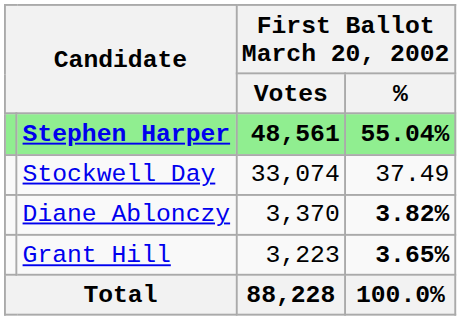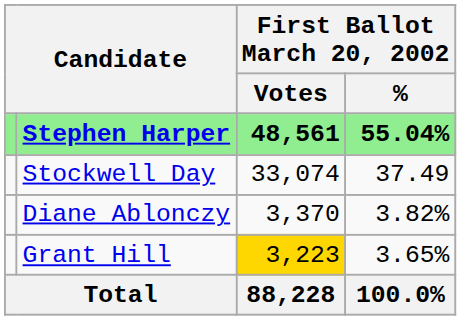 <table class="wikitable">
 <tr>
 <th rowspan="2" colspan="2">Candidate</th>
 <th colspan="2">First Ballot<br>March 20, 2002</th>
 </tr>
 <tr>
 <th>Votes</th>
 <th>%</th>
 </tr>
 <tr style="background:lightgreen;">
 <td></td>
 <td><strong><a href='#'>Stephen Harper</a></strong></td>
 <td align="right"><strong>48,561</strong></td>
 <td align="right"><strong>55.04%</strong></td>
 </tr>
 <tr>
 <td></td>
 <td><a href='#'>Stockwell Day</a></td>
 <td align="right">33,074</td>
 <td align="right">37.49</td>
 </tr>
 <tr>
 <td></td>
 <td><a href='#'>Diane Ablonczy</a></td>
 <td align="right">3,370</td>
-<td align="right"><strong>3.82%</strong></td>
+<td align="right">3.82%</td>
 </tr>
 <tr>
 <td></td>
 <td><a href='#'>Grant Hill</a></td>
-<td align="right">3,223</td>
-<td align="right"><strong>3.65%</strong></td>
+<td align="right" style="background: gold;">3,223</td>
+<td align="right">3.65%</td>
 </tr>
 <tr>
 <th colspan="2">Total</th>
 <th align="right">88,228</th>
 <th align="right">100.0%</th>
 </tr>
 </table>
